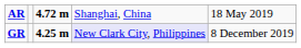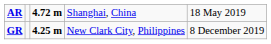 <table class="wikitable" style="font-size:95%; position:relative;">
 <tr>
 <td align=center><strong><a href='#'>AR</a></strong></td>
 <td></td>
 <td><strong>4.72 m</strong></td>
 <td><a href='#'>Shanghai</a>, <a href='#'>China</a></td>
 <td>18 May 2019</td>
 </tr>
 <tr>
 <td align=center><strong><a href='#'>GR</a></strong></td>
 <td></td>
 <td><strong>4.25 m</strong></td>
-<td style="background: lavender;"><a href='#'>New Clark City</a>, <a href='#'>Philippines</a></td>
+<td><a href='#'>New Clark City</a>, <a href='#'>Philippines</a></td>
 <td>8 December 2019</td>
 </tr>
 </table>
